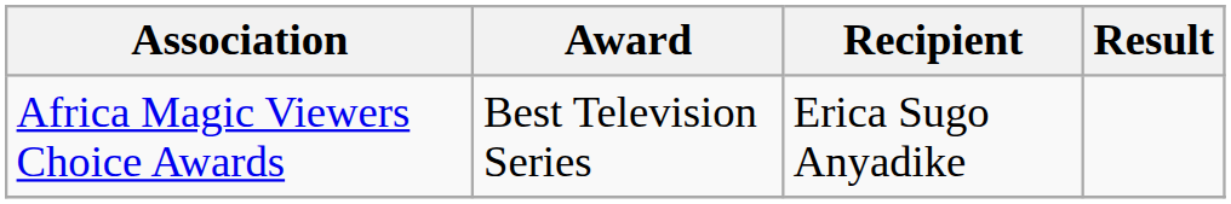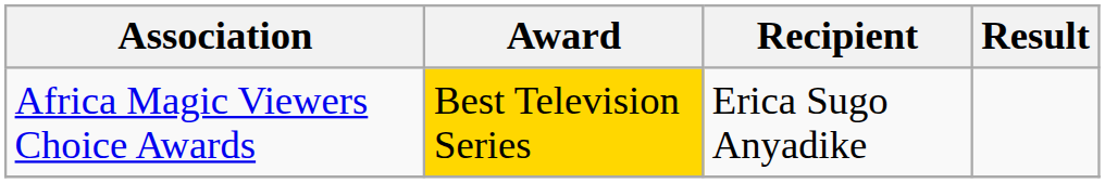 <table class="wikitable plainrowerheads" width=440px>
 <tr>
 <th>Association</th>
 <th>Award</th>
 <th>Recipient</th>
 <th>Result</th>
 </tr>
 <tr>
 <td><a href='#'>Africa Magic Viewers Choice Awards</a></td>
-<td>Best Television Series</td>
+<td style="background: gold;">Best Television Series</td>
 <td>Erica Sugo Anyadike</td>
 <td></td>
 </tr>
 <tr>
 </tr>
 </table>
